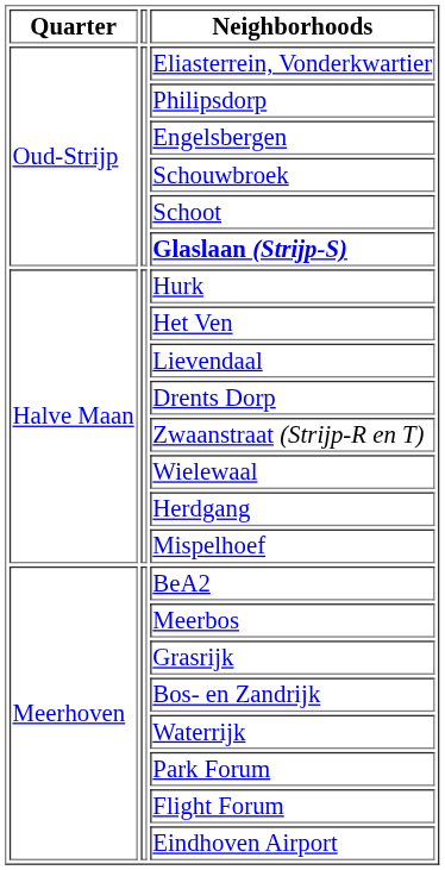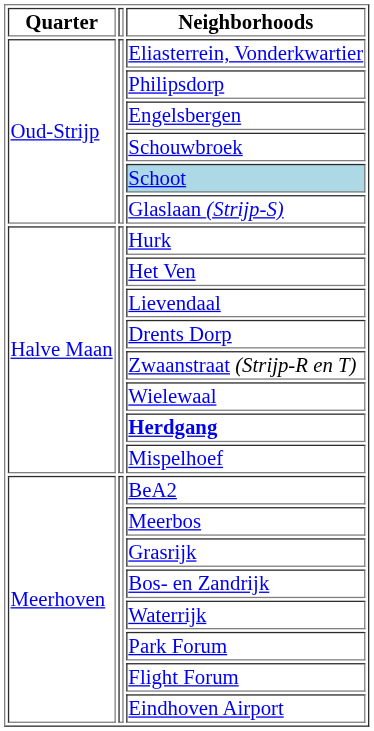 <table border=1>
 <tr>
 <th>Quarter</th>
 <th></th>
 <th>Neighborhoods</th>
 </tr>
 <tr>
 <td rowspan=6><a href='#'>Oud-Strijp</a></td>
 <td rowspan=6></td>
 <td><a href='#'>Eliasterrein, Vonderkwartier</a></td>
 </tr>
 <tr>
 <td><a href='#'>Philipsdorp</a></td>
 </tr>
 <tr>
 <td><a href='#'>Engelsbergen</a></td>
 </tr>
 <tr>
 <td><a href='#'>Schouwbroek</a></td>
 </tr>
 <tr>
-<td><a href='#'>Schoot</a></td>
+<td style="background: lightblue;"><a href='#'>Schoot</a></td>
 </tr>
 <tr>
-<td><strong><a href='#'>Glaslaan <em>(Strijp-S)</em></a></strong></td>
+<td><a href='#'>Glaslaan <em>(Strijp-S)</em></a></td>
 </tr>
 <tr>
 <td rowspan=8><a href='#'>Halve Maan</a></td>
 <td rowspan=8></td>
 <td><a href='#'>Hurk</a></td>
 </tr>
 <tr>
 <td><a href='#'>Het Ven</a></td>
 </tr>
 <tr>
 <td><a href='#'>Lievendaal</a></td>
 </tr>
 <tr>
 <td><a href='#'>Drents Dorp</a></td>
 </tr>
 <tr>
 <td><a href='#'>Zwaanstraat</a> <em>(Strijp-R en T)</em></td>
 </tr>
 <tr>
 <td><a href='#'>Wielewaal</a></td>
 </tr>
 <tr>
-<td><a href='#'>Herdgang</a></td>
+<td><strong><a href='#'>Herdgang</a></strong></td>
 </tr>
 <tr>
 <td><a href='#'>Mispelhoef</a></td>
 </tr>
 <tr>
 <td rowspan=8><a href='#'>Meerhoven</a></td>
 <td rowspan=8></td>
 <td><a href='#'>BeA2</a></td>
 </tr>
 <tr>
 <td><a href='#'>Meerbos</a></td>
 </tr>
 <tr>
 <td><a href='#'>Grasrijk</a></td>
 </tr>
 <tr>
 <td><a href='#'>Bos- en Zandrijk</a></td>
 </tr>
 <tr>
 <td><a href='#'>Waterrijk</a></td>
 </tr>
 <tr>
 <td><a href='#'>Park Forum</a></td>
 </tr>
 <tr>
 <td><a href='#'>Flight Forum</a></td>
 </tr>
 <tr>
 <td><a href='#'>Eindhoven Airport</a></td>
 </tr>
 </table>
